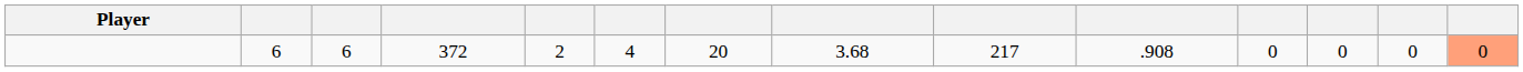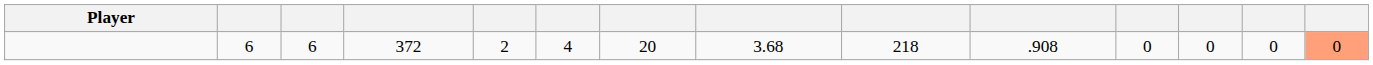 <table class="wikitable sortable" style="width:100%; text-align:center;">
 <tr>
 <th>Player</th>
 <th></th>
 <th></th>
 <th></th>
 <th></th>
 <th></th>
 <th></th>
 <th></th>
 <th></th>
 <th></th>
 <th></th>
 <th></th>
 <th></th>
 <th></th>
 </tr>
 <tr>
 <td style=white-space:nowrap></td>
 <td>6</td>
 <td>6</td>
 <td>372</td>
 <td>2</td>
 <td>4</td>
 <td>20</td>
 <td>3.68</td>
-<td>217</td>
+<td>218</td>
 <td>.908</td>
 <td>0</td>
 <td>0</td>
 <td>0</td>
 <td style="background: lightsalmon;">0</td>
 </tr>
 </table>
